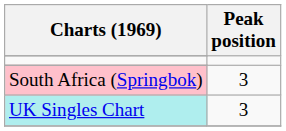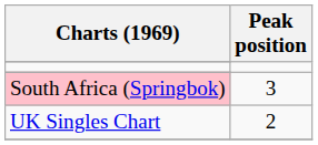 <table class="wikitable sortable">
 <tr>
 <th>Charts (1969)</th>
 <th>Peak<br>position</th>
 </tr>
 <tr>
 </tr>
 <tr>
 </tr>
 <tr>
 </tr>
 <tr>
 <td></td>
 </tr>
 <tr>
 </tr>
 <tr>
 </tr>
 <tr>
 <td style="background: pink;">South Africa (<a href='#'>Springbok</a>)</td>
 <td align="center">3</td>
 </tr>
 <tr>
-<td style="background: paleturquoise;"><a href='#'>UK Singles Chart</a></td>
-<td style="text-align:center;">3</td>
+<td><a href='#'>UK Singles Chart</a></td>
+<td style="text-align:center;">2</td>
 </tr>
 <tr>
 </tr>
 </table>
